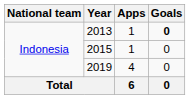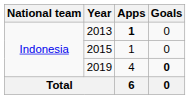 <table class=wikitable style=text-align:center>
 <tr>
 <th>National team</th>
 <th>Year</th>
 <th>Apps</th>
 <th>Goals</th>
 </tr>
 <tr>
 <td rowspan="3"><a href='#'>Indonesia</a></td>
 <td>2013</td>
-<td>1</td>
-<td><strong>0</strong></td>
+<td><strong>1</strong></td>
+<td>0</td>
 </tr>
 <tr>
 <td>2015</td>
 <td>1</td>
 <td>0</td>
 </tr>
 <tr>
 <td>2019</td>
 <td>4</td>
-<td>0</td>
+<td><strong>0</strong></td>
 </tr>
 <tr>
 <th colspan=2>Total</th>
 <th>6</th>
 <th>0</th>
 </tr>
 </table>
